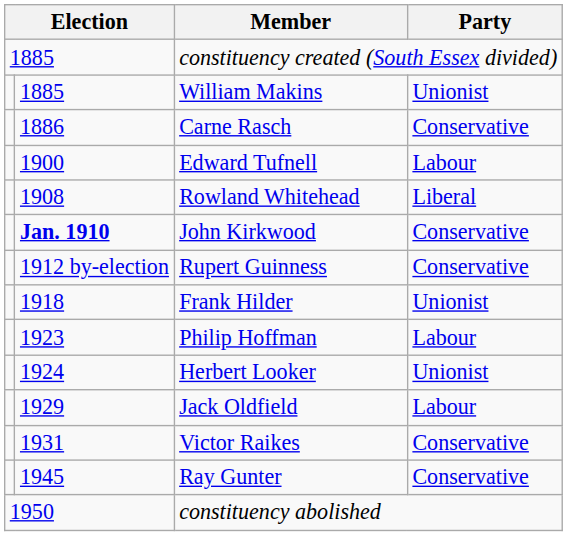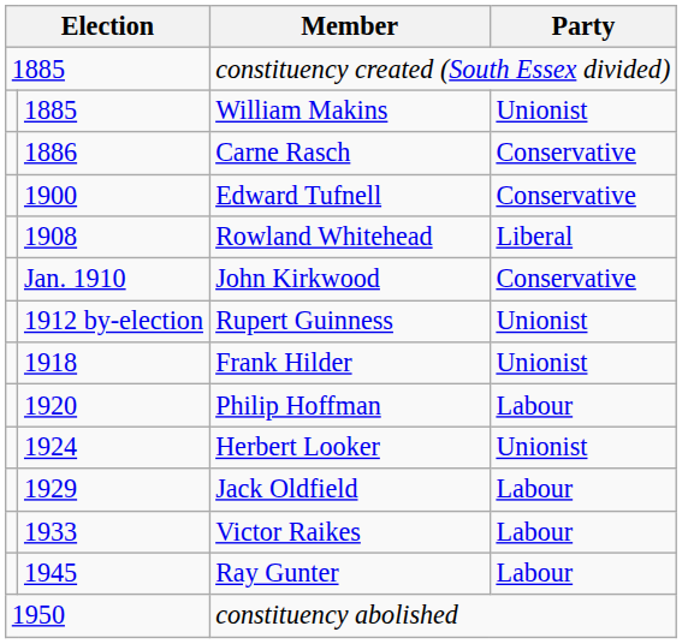 <table class="wikitable">
 <tr>
 <th colspan="2">Election</th>
 <th>Member</th>
 <th>Party</th>
 </tr>
 <tr>
 <td colspan="2" align="left"><a href='#'>1885</a></td>
 <td colspan="2"><em>constituency created (<a href='#'>South Essex</a> divided)</em></td>
 </tr>
 <tr>
 <td style="color:inherit;background-color: "></td>
 <td><a href='#'>1885</a></td>
 <td><a href='#'>William Makins</a></td>
 <td><a href='#'>Unionist</a></td>
 </tr>
 <tr>
 <td style="color:inherit;background-color: "></td>
 <td><a href='#'>1886</a></td>
 <td><a href='#'>Carne Rasch</a></td>
 <td><a href='#'>Conservative</a></td>
 </tr>
 <tr>
 <td style="color:inherit;background-color: "></td>
 <td><a href='#'>1900</a></td>
 <td><a href='#'>Edward Tufnell</a></td>
-<td><a href='#'>Labour</a></td>
+<td><a href='#'>Conservative</a></td>
 </tr>
 <tr>
 <td style="color:inherit;background-color: "></td>
 <td><a href='#'>1908</a></td>
 <td><a href='#'>Rowland Whitehead</a></td>
 <td><a href='#'>Liberal</a></td>
 </tr>
 <tr>
 <td style="color:inherit;background-color: "></td>
-<td><strong><a href='#'>Jan. 1910</a></strong></td>
+<td><a href='#'>Jan. 1910</a></td>
 <td><a href='#'>John Kirkwood</a></td>
 <td><a href='#'>Conservative</a></td>
 </tr>
 <tr>
 <td style="color:inherit;background-color: "></td>
 <td><a href='#'>1912 by-election</a></td>
 <td><a href='#'>Rupert Guinness</a></td>
-<td><a href='#'>Conservative</a></td>
+<td><a href='#'>Unionist</a></td>
 </tr>
 <tr>
 <td style="color:inherit;background-color: "></td>
 <td><a href='#'>1918</a></td>
 <td><a href='#'>Frank Hilder</a></td>
 <td><a href='#'>Unionist</a></td>
 </tr>
 <tr>
 <td style="color:inherit;background-color: "></td>
-<td><a href='#'>1923</a></td>
+<td><a href='#'>1920</a></td>
 <td><a href='#'>Philip Hoffman</a></td>
 <td><a href='#'>Labour</a></td>
 </tr>
 <tr>
 <td style="color:inherit;background-color: "></td>
 <td><a href='#'>1924</a></td>
 <td><a href='#'>Herbert Looker</a></td>
 <td><a href='#'>Unionist</a></td>
 </tr>
 <tr>
 <td style="color:inherit;background-color: "></td>
 <td><a href='#'>1929</a></td>
 <td><a href='#'>Jack Oldfield</a></td>
 <td><a href='#'>Labour</a></td>
 </tr>
 <tr>
 <td style="color:inherit;background-color: "></td>
-<td><a href='#'>1931</a></td>
+<td><a href='#'>1933</a></td>
 <td><a href='#'>Victor Raikes</a></td>
-<td><a href='#'>Conservative</a></td>
+<td><a href='#'>Labour</a></td>
 </tr>
 <tr>
 <td style="color:inherit;background-color: "></td>
 <td><a href='#'>1945</a></td>
 <td><a href='#'>Ray Gunter</a></td>
-<td><a href='#'>Conservative</a></td>
+<td><a href='#'>Labour</a></td>
 </tr>
 <tr>
 <td colspan="2" align="left"><a href='#'>1950</a></td>
 <td colspan="2"><em>constituency abolished</em></td>
 </tr>
 </table>
